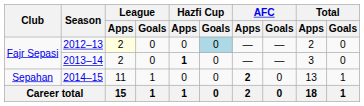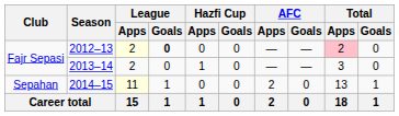 <table class="wikitable" style="font-size:90%; text-align:center;">
 <tr>
 <th rowspan="2">Club</th>
 <th rowspan="2">Season</th>
 <th colspan="2">League</th>
 <th colspan="2">Hazfi Cup</th>
 <th colspan="2"><a href='#'>AFC</a></th>
 <th colspan="2">Total</th>
 </tr>
 <tr>
 <th>Apps</th>
 <th>Goals</th>
 <th>Apps</th>
 <th>Goals</th>
 <th>Apps</th>
 <th>Goals</th>
 <th>Apps</th>
 <th>Goals</th>
 </tr>
 <tr>
 <td rowspan="2"><a href='#'>Fajr Sepasi</a></td>
 <td><a href='#'>2012–13</a></td>
 <td style="background: lightyellow;">2</td>
+<td><strong>0</strong></td>
 <td>0</td>
 <td>0</td>
-<td style="background: lightblue;">0</td>
 <td>—</td>
 <td>—</td>
-<td>2</td>
+<td style="background: pink;">2</td>
 <td>0</td>
 </tr>
 <tr>
 <td><a href='#'>2013–14</a></td>
 <td>2</td>
 <td>0</td>
-<td><strong>1</strong></td>
+<td>1</td>
 <td>0</td>
 <td>—</td>
 <td>—</td>
 <td>3</td>
 <td>0</td>
 </tr>
 <tr>
 <td rowspan="1"><a href='#'>Sepahan</a></td>
 <td><a href='#'>2014–15</a></td>
-<td>11</td>
+<td style="background: lightyellow;">11</td>
 <td>1</td>
 <td>0</td>
 <td>0</td>
-<td><strong>2</strong></td>
+<td>2</td>
 <td>0</td>
 <td>13</td>
 <td>1</td>
 </tr>
 <tr>
 <th colspan="2">Career total</th>
 <th>15</th>
 <th>1</th>
 <th>1</th>
 <th>0</th>
 <th>2</th>
 <th>0</th>
 <th>18</th>
 <th>1</th>
 </tr>
 </table>
